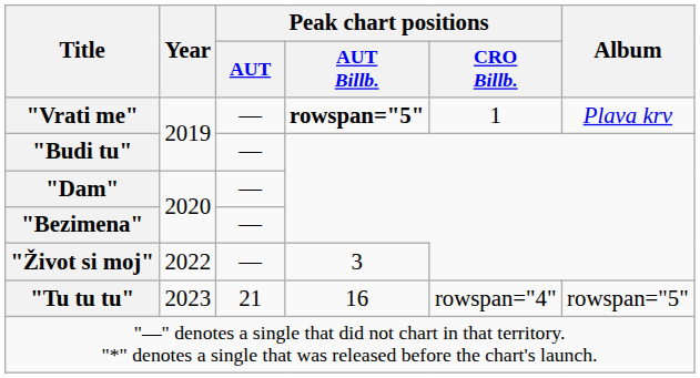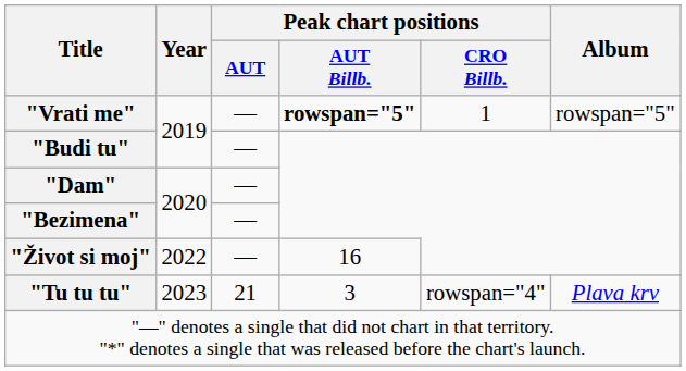 <table class="wikitable plainrowheaders" style="text-align:center;">
 <tr>
 <th scope="col" rowspan="2">Title</th>
 <th scope="col" rowspan="2">Year</th>
 <th scope="col" colspan="3">Peak chart positions</th>
 <th scope="col" rowspan="2">Album</th>
 </tr>
 <tr>
 <th scope="col" style="width:3em; font-size:85%;"><a href='#'>AUT</a><br></th>
 <th scope="col" style="width:3em; font-size:85%;"><a href='#'>AUT<br><em>Billb.</em></a><br></th>
 <th scope="col" style="width:3em; font-size:85%;"><a href='#'>CRO<br><em>Billb.</em></a><br></th>
 </tr>
 <tr>
 <th scope="row">"Vrati me" <br></th>
 <td rowspan="2">2019</td>
 <td>—</td>
 <td><strong>rowspan="5" </strong></td>
 <td>1</td>
-<td><em><a href='#'>Plava krv</a></em></td>
+<td>rowspan="5" </td>
 </tr>
 <tr>
 <th scope="row">"Budi tu" <br></th>
 <td>—</td>
 </tr>
 <tr>
 <th scope="row">"Dam" <br></th>
 <td rowspan="2">2020</td>
 <td>—</td>
 </tr>
 <tr>
 <th scope="row">"Bezimena" <br></th>
 <td>—</td>
 </tr>
 <tr>
 <th scope="row">"Život si moj" <br></th>
 <td>2022</td>
 <td>—</td>
-<td>3</td>
+<td>16</td>
 </tr>
 <tr>
 <th scope="row">"Tu tu tu" <br></th>
 <td rowspan="1">2023</td>
 <td>21</td>
-<td>16</td>
+<td>3</td>
 <td>rowspan="4" </td>
-<td>rowspan="5" </td>
+<td><em><a href='#'>Plava krv</a></em></td>
 </tr>
 <tr>
 <td colspan="6" style="text-align:center; font-size:85%;">"—" denotes a single that did not chart in that territory.<br>"*" denotes a single that was released before the chart's launch.</td>
 </tr>
 </table>
